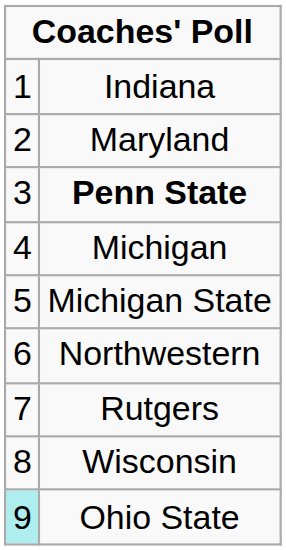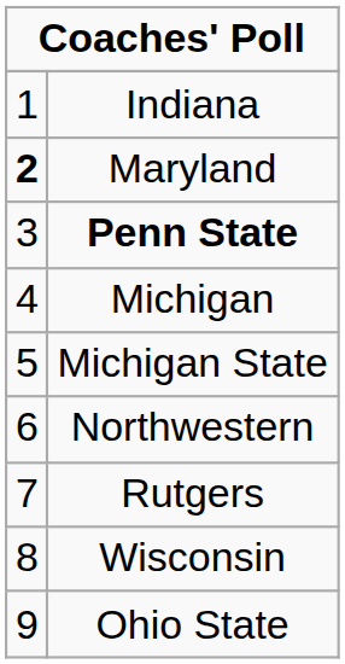 <table class="wikitable" style="display: inline-table;">
 <tr>
 <td align="center" Colspan="3"><strong>Coaches' Poll</strong></td>
 </tr>
 <tr align="center">
 </tr>
 <tr align="center">
 <td>1</td>
 <td>Indiana</td>
 </tr>
 <tr align="center">
-<td>2</td>
+<td><strong>2</strong></td>
 <td>Maryland</td>
 </tr>
 <tr align="center">
 <td>3</td>
 <td><strong>Penn State</strong></td>
 </tr>
 <tr align="center">
 <td>4</td>
 <td>Michigan</td>
 </tr>
 <tr align="center">
 <td>5</td>
 <td>Michigan State</td>
 </tr>
 <tr align="center">
 <td>6</td>
 <td>Northwestern</td>
 </tr>
 <tr align="center">
 <td>7</td>
 <td>Rutgers</td>
 </tr>
 <tr align="center">
 <td>8</td>
 <td>Wisconsin</td>
 </tr>
 <tr align="center">
-<td style="background: paleturquoise;">9</td>
+<td>9</td>
 <td>Ohio State</td>
 </tr>
 </table>
